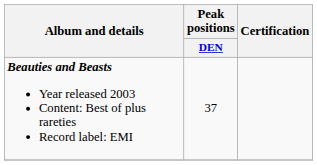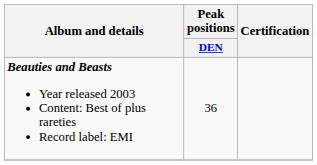 <table class="wikitable">
 <tr>
 <th align="center" rowspan="2" width="220">Album and details</th>
 <th align="center" colspan="1" width="20">Peak positions</th>
 <th align="center" rowspan="2" width="70">Certification</th>
 </tr>
 <tr>
 <th scope="col" style="width:3em;font-size:90%;"><a href='#'>DEN</a><br></th>
 </tr>
 <tr>
 <td style="text-align:left;"><strong><em>Beauties and Beasts </em></strong><br><ul><li>Year released 2003</li><li>Content: Best of plus rareties</li><li>Record label: EMI</li></ul></td>
-<td style="text-align:center;">37</td>
+<td style="text-align:center;">36</td>
 <td style="text-align:center;"></td>
 </tr>
 <tr>
 </tr>
 </table>
